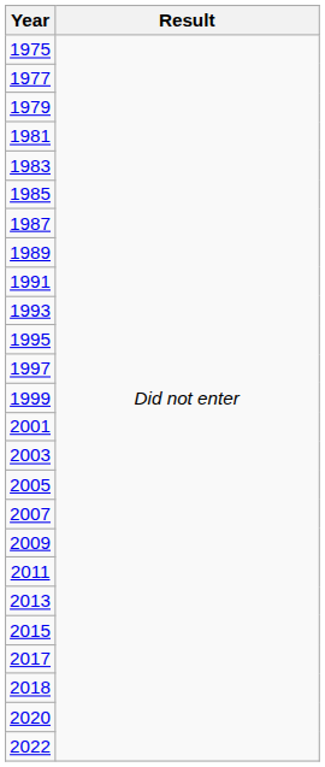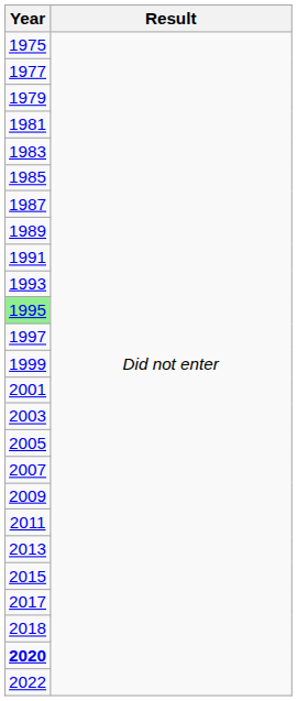 <table class="wikitable" style="text-align: center; font-size:90%">
 <tr>
 <th>Year</th>
 <th style="width:200px">Result</th>
 </tr>
 <tr>
 <td> <a href='#'>1975</a></td>
 <td rowspan="25"><em>Did not enter</em></td>
 </tr>
 <tr>
 <td> <a href='#'>1977</a></td>
 </tr>
 <tr>
 <td> <a href='#'>1979</a></td>
 </tr>
 <tr>
 <td> <a href='#'>1981</a></td>
 </tr>
 <tr>
 <td> <a href='#'>1983</a></td>
 </tr>
 <tr>
 <td> <a href='#'>1985</a></td>
 </tr>
 <tr>
 <td> <a href='#'>1987</a></td>
 </tr>
 <tr>
 <td> <a href='#'>1989</a></td>
 </tr>
 <tr>
 <td> <a href='#'>1991</a></td>
 </tr>
 <tr>
 <td> <a href='#'>1993</a></td>
 </tr>
 <tr>
-<td> <a href='#'>1995</a></td>
+<td style="background: lightgreen;"> <a href='#'>1995</a></td>
 </tr>
 <tr>
 <td> <a href='#'>1997</a></td>
 </tr>
 <tr>
 <td> <a href='#'>1999</a></td>
 </tr>
 <tr>
 <td> <a href='#'>2001</a></td>
 </tr>
 <tr>
 <td> <a href='#'>2003</a></td>
 </tr>
 <tr>
 <td> <a href='#'>2005</a></td>
 </tr>
 <tr>
 <td> <a href='#'>2007</a></td>
 </tr>
 <tr>
 <td> <a href='#'>2009</a></td>
 </tr>
 <tr>
 <td> <a href='#'>2011</a></td>
 </tr>
 <tr>
 <td> <a href='#'>2013</a></td>
 </tr>
 <tr>
 <td> <a href='#'>2015</a></td>
 </tr>
 <tr>
 <td> <a href='#'>2017</a></td>
 </tr>
 <tr>
 <td> <a href='#'>2018</a></td>
 </tr>
 <tr>
-<td> <a href='#'>2020</a></td>
+<td><strong> <a href='#'>2020</a></strong></td>
 </tr>
 <tr>
 <td> <a href='#'>2022</a></td>
 </tr>
 </table>
